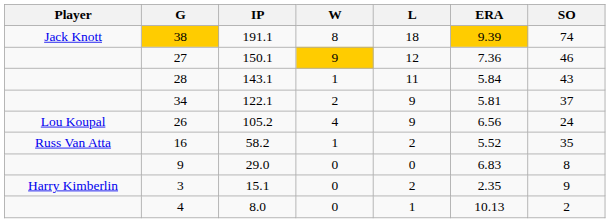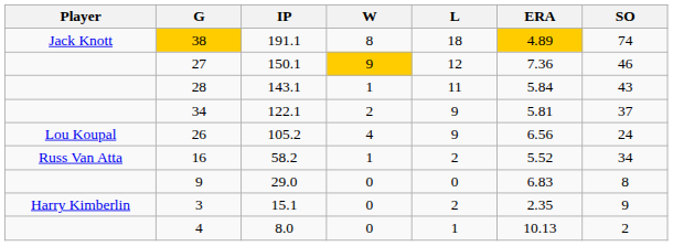 <table class="wikitable sortable">
 <tr>
 <th bgcolor="#DDDDFF" width="16%">Player</th>
 <th bgcolor="#DDDDFF" width="9%">G</th>
 <th bgcolor="#DDDDFF" width="9%">IP</th>
 <th bgcolor="#DDDDFF" width="9%">W</th>
 <th bgcolor="#DDDDFF" width="9%">L</th>
 <th bgcolor="#DDDDFF" width="9%">ERA</th>
 <th bgcolor="#DDDDFF" width="9%">SO</th>
 </tr>
 <tr align="center">
 <td><a href='#'>Jack Knott</a></td>
 <td style="background:#fc0;">38</td>
 <td>191.1</td>
 <td>8</td>
 <td>18</td>
-<td style="background:#fc0;">9.39</td>
+<td style="background:#fc0;">4.89</td>
 <td>74</td>
 </tr>
 <tr align=center>
 <td></td>
 <td>27</td>
 <td>150.1</td>
 <td style="background:#fc0;">9</td>
 <td>12</td>
 <td>7.36</td>
 <td>46</td>
 </tr>
 <tr align="center">
 <td></td>
 <td>28</td>
 <td>143.1</td>
 <td>1</td>
 <td>11</td>
 <td>5.84</td>
 <td>43</td>
 </tr>
 <tr align="center">
 <td></td>
 <td>34</td>
 <td>122.1</td>
 <td>2</td>
 <td>9</td>
 <td>5.81</td>
 <td>37</td>
 </tr>
 <tr align="center">
 <td><a href='#'>Lou Koupal</a></td>
 <td>26</td>
 <td>105.2</td>
 <td>4</td>
 <td>9</td>
 <td>6.56</td>
 <td>24</td>
 </tr>
 <tr align=center>
 <td><a href='#'>Russ Van Atta</a></td>
 <td>16</td>
 <td>58.2</td>
 <td>1</td>
 <td>2</td>
 <td>5.52</td>
-<td>35</td>
+<td>34</td>
 </tr>
 <tr align=center>
 <td></td>
 <td>9</td>
 <td>29.0</td>
 <td>0</td>
 <td>0</td>
 <td>6.83</td>
 <td>8</td>
 </tr>
 <tr align="center">
 <td><a href='#'>Harry Kimberlin</a></td>
 <td>3</td>
 <td>15.1</td>
 <td>0</td>
 <td>2</td>
 <td>2.35</td>
 <td>9</td>
 </tr>
 <tr align=center>
 <td></td>
 <td>4</td>
 <td>8.0</td>
 <td>0</td>
 <td>1</td>
 <td>10.13</td>
 <td>2</td>
 </tr>
 </table>
